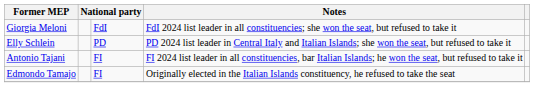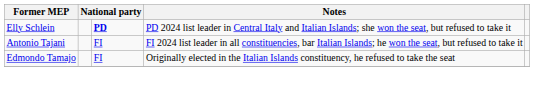 <table class="wikitable sortable" style="text-align:left">
 <tr>
 <th>Former MEP</th>
 <th colspan="2">National party</th>
 <th>Notes</th>
 <th class="unsortable"></th>
 </tr>
 <tr>
-<td><a href='#'>Giorgia Meloni</a></td>
-<td style="background: "></td>
-<td><a href='#'>FdI</a></td>
-<td><a href='#'>FdI</a> 2024 list leader in all <a href='#'>constituencies</a>; she <a href='#'>won the seat</a>, but refused to take it</td>
-<td></td>
-</tr>
-<tr>
 <td><a href='#'>Elly Schlein</a></td>
 <td style="background: "></td>
-<td><a href='#'>PD</a></td>
+<td><strong><a href='#'>PD</a></strong></td>
 <td><a href='#'>PD</a> 2024 list leader in <a href='#'>Central Italy</a> and <a href='#'>Italian Islands</a>; she <a href='#'>won the seat</a>, but refused to take it</td>
 <td></td>
 </tr>
 <tr>
 <td><a href='#'>Antonio Tajani</a></td>
 <td style="background: "></td>
 <td><a href='#'>FI</a></td>
 <td><a href='#'>FI</a> 2024 list leader in all <a href='#'>constituencies</a>, bar <a href='#'>Italian Islands</a>; he <a href='#'>won the seat</a>, but refused to take it</td>
 <td></td>
 </tr>
 <tr>
 <td><a href='#'>Edmondo Tamajo</a></td>
 <td style="background: "></td>
 <td><a href='#'>FI</a></td>
 <td>Originally elected in the <a href='#'>Italian Islands</a> constituency, he refused to take the seat</td>
 <td></td>
 </tr>
 <tr>
 </tr>
 </table>
